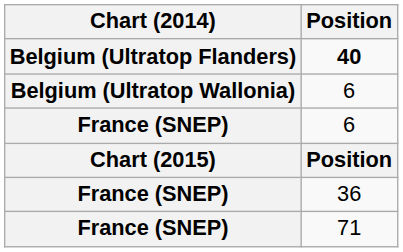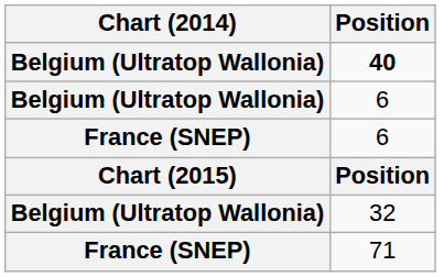 <table class="wikitable plainrowheaders" style="text-align:center;">
 <tr>
 <th scope="col">Chart (2014)</th>
 <th scope="col">Position</th>
 </tr>
 <tr>
-<th scope="row">Belgium (Ultratop Flanders)</th>
+<th scope="row">Belgium (Ultratop Wallonia)</th>
 <td><strong>40</strong></td>
 </tr>
 <tr>
 <th scope="row">Belgium (Ultratop Wallonia)</th>
 <td>6</td>
 </tr>
 <tr>
 <th scope="row">France (SNEP)</th>
 <td>6</td>
 </tr>
 <tr>
 <th scope="col">Chart (2015)</th>
 <th scope="col">Position</th>
 </tr>
 <tr>
-<th scope="row">France (SNEP)</th>
-<td>36</td>
+<th scope="row">Belgium (Ultratop Wallonia)</th>
+<td>32</td>
 </tr>
 <tr>
 <th scope="row">France (SNEP)</th>
 <td>71</td>
 </tr>
 </table>
